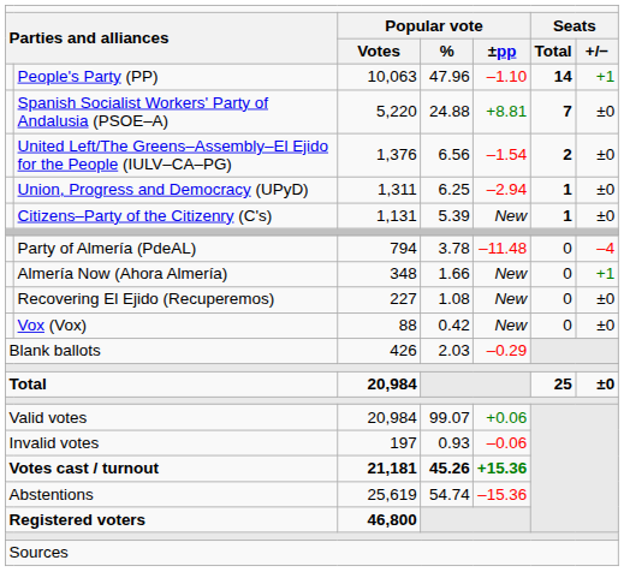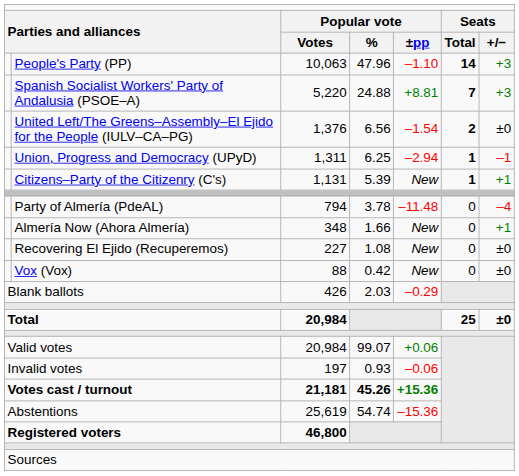 <table class="wikitable" style="text-align:right;">
 <tr>
 <td colspan="7"></td>
 </tr>
 <tr>
 <th style="text-align:left;" rowspan="2" colspan="2" width="525">Parties and alliances</th>
 <th colspan="3">Popular vote</th>
 <th colspan="2">Seats</th>
 </tr>
 <tr>
 <th width="75">Votes</th>
 <th width="45">%</th>
 <th width="45">±<a href='#'>pp</a></th>
 <th width="35">Total</th>
 <th width="35">+/−</th>
 </tr>
 <tr>
 <td width="1" style="color:inherit;background:"></td>
 <td align="left"><a href='#'>People's Party</a> (PP)</td>
 <td>10,063</td>
 <td>47.96</td>
 <td style="color:red;">–1.10</td>
 <td><strong>14</strong></td>
-<td style="color:green;">+1</td>
+<td style="color:green;">+3</td>
 </tr>
 <tr>
 <td style="color:inherit;background:"></td>
 <td align="left"><a href='#'>Spanish Socialist Workers' Party of Andalusia</a> (PSOE–A)</td>
 <td>5,220</td>
 <td>24.88</td>
 <td style="color:green;">+8.81</td>
 <td><strong>7</strong></td>
-<td>±0</td>
+<td style="color:green;">+3</td>
 </tr>
 <tr>
 <td style="color:inherit;background:"></td>
 <td align="left"><a href='#'>United Left/The Greens–Assembly–El Ejido for the People</a> (IULV–CA–PG)</td>
 <td>1,376</td>
 <td>6.56</td>
 <td style="color:red;">–1.54</td>
 <td><strong>2</strong></td>
 <td>±0</td>
 </tr>
 <tr>
 <td style="color:inherit;background:"></td>
 <td align="left"><a href='#'>Union, Progress and Democracy</a> (UPyD)</td>
 <td>1,311</td>
 <td>6.25</td>
 <td style="color:red;">–2.94</td>
 <td><strong>1</strong></td>
-<td>±0</td>
+<td style="color:red;">–1</td>
 </tr>
 <tr>
 <td style="color:inherit;background:"></td>
 <td align="left"><a href='#'>Citizens–Party of the Citizenry</a> (C's)</td>
 <td>1,131</td>
 <td>5.39</td>
 <td><em>New</em></td>
 <td><strong>1</strong></td>
-<td>±0</td>
+<td style="color:green;">+1</td>
 </tr>
 <tr>
 <td colspan="7" bgcolor="#C0C0C0"></td>
 </tr>
 <tr>
 <td style="color:inherit;background:"></td>
 <td align="left">Party of Almería (PdeAL)</td>
 <td>794</td>
 <td>3.78</td>
 <td style="color:red;">–11.48</td>
 <td>0</td>
 <td style="color:red;">–4</td>
 </tr>
 <tr>
 <td style="color:inherit;background:"></td>
 <td align="left">Almería Now (Ahora Almería)</td>
 <td>348</td>
 <td>1.66</td>
 <td><em>New</em></td>
 <td>0</td>
 <td style="color:green;">+1</td>
 </tr>
 <tr>
 <td style="color:inherit;background:"></td>
 <td align="left">Recovering El Ejido (Recuperemos)</td>
 <td>227</td>
 <td>1.08</td>
 <td><em>New</em></td>
 <td>0</td>
 <td>±0</td>
 </tr>
 <tr>
 <td style="color:inherit;background:"></td>
 <td align="left"><a href='#'>Vox</a> (Vox)</td>
 <td>88</td>
 <td>0.42</td>
 <td><em>New</em></td>
 <td>0</td>
 <td>±0</td>
 </tr>
 <tr>
 <td align="left" colspan="2">Blank ballots</td>
 <td>426</td>
 <td>2.03</td>
 <td style="color:red;">–0.29</td>
 <td bgcolor="#E9E9E9" colspan="2"></td>
 </tr>
 <tr>
 <td colspan="7" bgcolor="#E9E9E9"></td>
 </tr>
 <tr style="font-weight:bold;">
 <td align="left" colspan="2">Total</td>
 <td>20,984</td>
 <td bgcolor="#E9E9E9" colspan="2"></td>
 <td>25</td>
 <td>±0</td>
 </tr>
 <tr>
 <td colspan="7" bgcolor="#E9E9E9"></td>
 </tr>
 <tr>
 <td align="left" colspan="2">Valid votes</td>
 <td>20,984</td>
 <td>99.07</td>
 <td style="color:green;">+0.06</td>
 <td bgcolor="#E9E9E9" colspan="2" rowspan="5"></td>
 </tr>
 <tr>
 <td align="left" colspan="2">Invalid votes</td>
 <td>197</td>
 <td>0.93</td>
 <td style="color:red;">–0.06</td>
 </tr>
 <tr style="font-weight:bold;">
 <td align="left" colspan="2">Votes cast / turnout</td>
 <td>21,181</td>
 <td>45.26</td>
 <td style="color:green;">+15.36</td>
 </tr>
 <tr>
 <td align="left" colspan="2">Abstentions</td>
 <td>25,619</td>
 <td>54.74</td>
 <td style="color:red;">–15.36</td>
 </tr>
 <tr style="font-weight:bold;">
 <td align="left" colspan="2">Registered voters</td>
 <td>46,800</td>
 <td bgcolor="#E9E9E9" colspan="2"></td>
 </tr>
 <tr>
 <td colspan="7" bgcolor="#E9E9E9"></td>
 </tr>
 <tr>
 <td align="left" colspan="7">Sources</td>
 </tr>
 </table>
